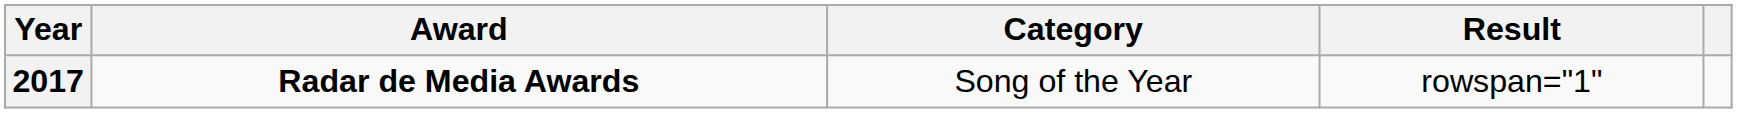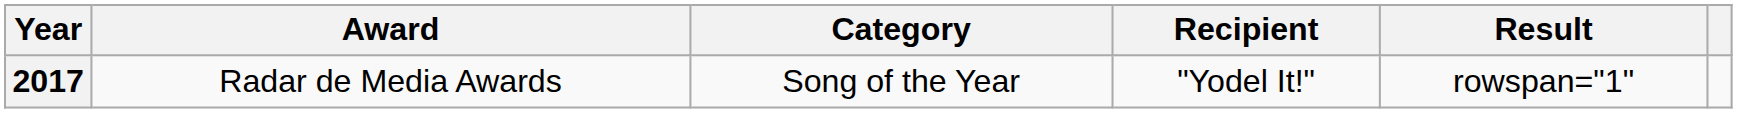 <table class="wikitable plainrowheaders unsortable" style="text-align:center">
 <tr>
 <th style="width:5%;">Year</th>
 <th>Award</th>
 <th>Category</th>
+<th>Recipient</th>
 <th>Result</th>
 <th></th>
 </tr>
 <tr>
 <th scope="row" rowspan="1">2017</th>
-<td><strong>Radar de Media Awards</strong></td>
+<td>Radar de Media Awards</td>
 <td>Song of the Year</td>
+<td>"Yodel It!"</td>
 <td>rowspan="1" </td>
 <td></td>
 </tr>
 </table>
